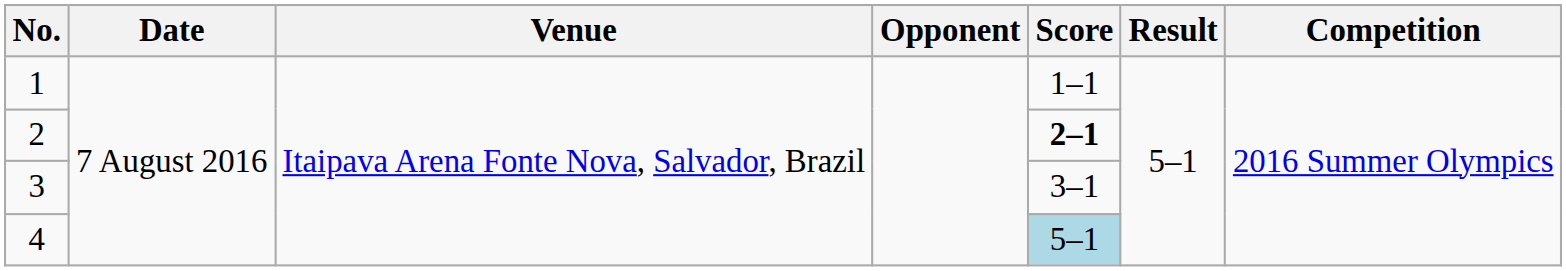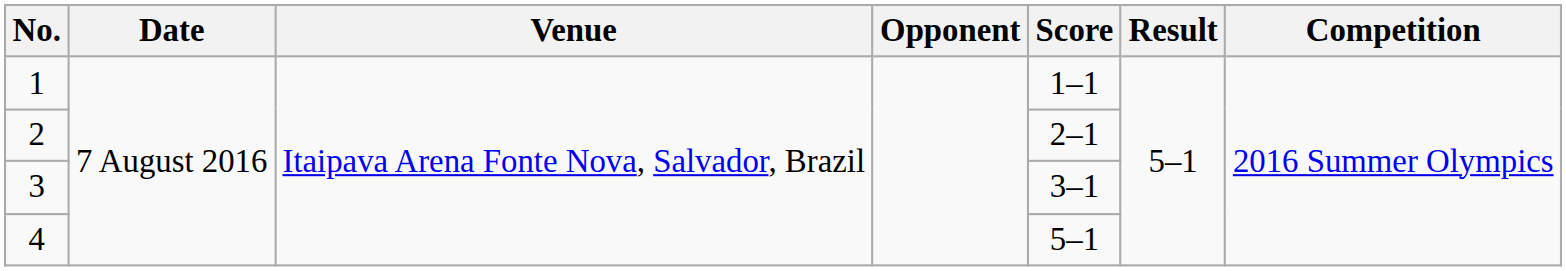 <table class="wikitable sortable">
 <tr>
 <th scope="col">No.</th>
 <th scope="col">Date</th>
 <th scope="col">Venue</th>
 <th scope="col">Opponent</th>
 <th scope="col">Score</th>
 <th scope="col">Result</th>
 <th scope="col">Competition</th>
 </tr>
 <tr>
 <td align="center">1</td>
 <td rowspan="4">7 August 2016</td>
 <td rowspan="4"><a href='#'>Itaipava Arena Fonte Nova</a>, <a href='#'>Salvador</a>, Brazil</td>
 <td rowspan="4"></td>
 <td align="center">1–1</td>
 <td rowspan="4" style="text-align:center">5–1</td>
 <td rowspan="4"><a href='#'>2016 Summer Olympics</a></td>
 </tr>
 <tr>
 <td align="center">2</td>
-<td align="center"><strong>2–1</strong></td>
+<td align="center">2–1</td>
 </tr>
 <tr>
 <td align="center">3</td>
 <td align="center">3–1</td>
 </tr>
 <tr>
 <td align="center">4</td>
-<td align="center" style="background: lightblue;">5–1</td>
+<td align="center">5–1</td>
 </tr>
 </table>
